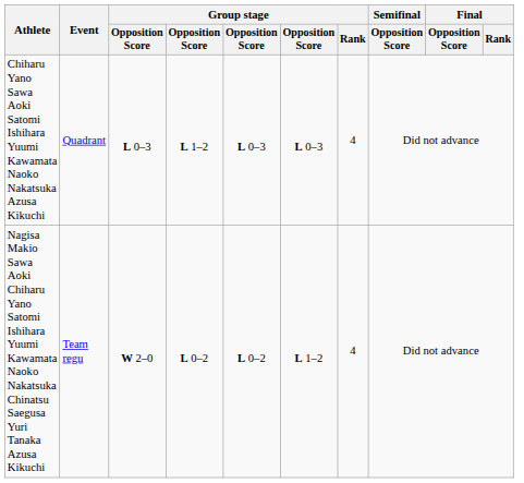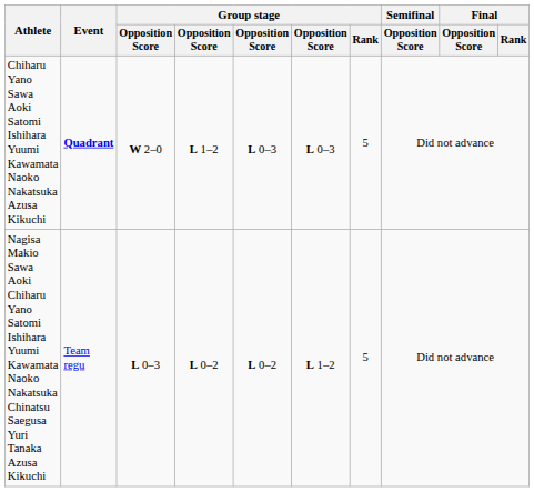 <table class=wikitable style=font-size:90%;text-align:center>
 <tr>
 <th rowspan="2">Athlete</th>
 <th rowspan="2">Event</th>
 <th colspan=5>Group stage</th>
 <th>Semifinal</th>
 <th colspan=2>Final</th>
 </tr>
 <tr style="font-size:95%">
 <th>Opposition<br>Score</th>
 <th>Opposition<br>Score</th>
 <th>Opposition<br>Score</th>
 <th>Opposition<br>Score</th>
 <th>Rank</th>
 <th>Opposition<br>Score</th>
 <th>Opposition<br>Score</th>
 <th>Rank</th>
 </tr>
 <tr>
 <td style="text-align:left">Chiharu Yano<br>Sawa Aoki<br>Satomi Ishihara<br>Yuumi Kawamata<br>Naoko Nakatsuka<br>Azusa Kikuchi</td>
-<td style="text-align:left"><a href='#'>Quadrant</a></td>
-<td><br><strong>L</strong> 0–3</td>
+<td style="text-align:left"><strong><a href='#'>Quadrant</a></strong></td>
+<td><br><strong>W</strong> 2–0</td>
 <td><br><strong>L</strong> 1–2</td>
 <td><br><strong>L</strong> 0–3</td>
 <td><br><strong>L</strong> 0–3</td>
-<td>4</td>
+<td>5</td>
 <td colspan=3>Did not advance</td>
 </tr>
 <tr>
 <td style="text-align:left">Nagisa Makio<br>Sawa Aoki<br>Chiharu Yano<br>Satomi Ishihara<br>Yuumi Kawamata<br>Naoko Nakatsuka<br>Chinatsu Saegusa<br>Yuri Tanaka<br>Azusa Kikuchi</td>
 <td style="text-align:left"><a href='#'>Team regu</a></td>
-<td><br><strong>W</strong> 2–0</td>
+<td><br><strong>L</strong> 0–3</td>
 <td><br><strong>L</strong> 0–2</td>
 <td><br><strong>L</strong> 0–2</td>
 <td><br><strong>L</strong> 1–2</td>
-<td>4</td>
+<td>5</td>
 <td colspan=3>Did not advance</td>
 </tr>
 </table>
